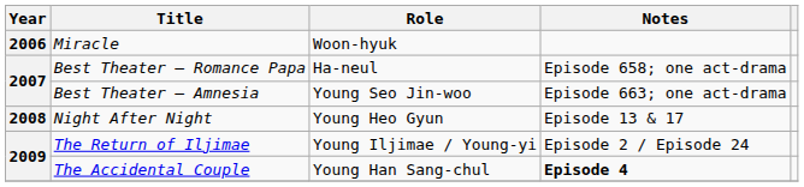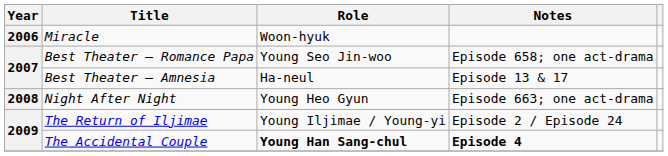 <table class="wikitable sortable plainrowheaders">
 <tr>
 <th scope="col">Year</th>
 <th scope="col">Title</th>
 <th scope="col">Role</th>
 <th scope="col">Notes</th>
 <th scope="col" class="unsortable"></th>
 </tr>
 <tr>
 <th scope="row">2006</th>
 <td><em>Miracle</em></td>
 <td>Woon-hyuk</td>
 <td></td>
 <td></td>
 </tr>
 <tr>
 <th scope="row" rowspan=2>2007</th>
 <td><em>Best Theater – Romance Papa</em></td>
-<td>Ha-neul</td>
+<td>Young Seo Jin-woo</td>
 <td>Episode 658; one act-drama</td>
 <td></td>
 </tr>
 <tr>
 <td><em>Best Theater – Amnesia</em></td>
-<td>Young Seo Jin-woo</td>
-<td>Episode 663; one act-drama</td>
+<td>Ha-neul</td>
+<td>Episode 13 & 17</td>
 <td></td>
 </tr>
 <tr>
 <th scope="row">2008</th>
 <td><em>Night After Night</em></td>
 <td>Young Heo Gyun</td>
-<td>Episode 13 & 17</td>
+<td>Episode 663; one act-drama</td>
 <td></td>
 </tr>
 <tr>
 <th scope="row" rowspan=2>2009</th>
 <td><em><a href='#'>The Return of Iljimae</a></em></td>
 <td>Young Iljimae / Young-yi</td>
 <td>Episode 2 / Episode 24</td>
 <td></td>
 </tr>
 <tr>
 <td><em><a href='#'>The Accidental Couple</a></em></td>
-<td>Young Han Sang-chul</td>
+<td><strong>Young Han Sang-chul</strong></td>
 <td><strong>Episode 4</strong></td>
 <td></td>
 </tr>
 <tr>
 </tr>
 </table>
